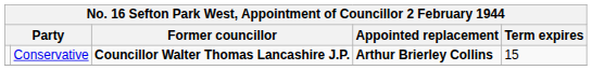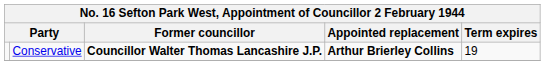 <table class="wikitable">
 <tr>
 <th colspan="5"><strong>No. 16 Sefton Park West, Appointment of Councillor 2 February 1944</strong></th>
 </tr>
 <tr>
 <th colspan="2">Party</th>
 <th>Former councillor</th>
 <th>Appointed replacement</th>
 <th>Term expires</th>
 </tr>
 <tr>
 <td style="background-color:"></td>
 <td><a href='#'>Conservative</a></td>
 <td><strong>Councillor Walter Thomas Lancashire J.P.</strong></td>
 <td><strong>Arthur Brierley Collins</strong></td>
-<td>15</td>
+<td>19</td>
 </tr>
 <tr>
 </tr>
 </table>
